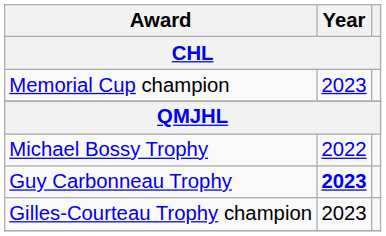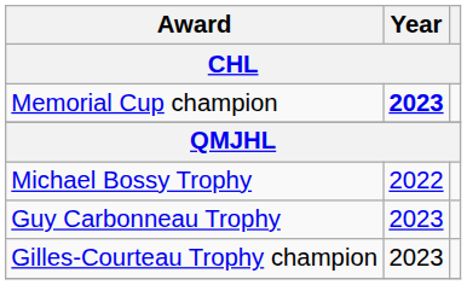 <table class="wikitable">
 <tr>
 <th>Award</th>
 <th>Year</th>
 <th></th>
 </tr>
 <tr ALIGN="center" bgcolor="#e0e0e0">
 <th colspan="4"><a href='#'>CHL</a></th>
 </tr>
 <tr>
 <td><a href='#'>Memorial Cup</a> champion</td>
-<td><a href='#'>2023</a></td>
+<td><strong><a href='#'>2023</a></strong></td>
 <td></td>
 </tr>
 <tr>
 </tr>
 <tr ALIGN="center" bgcolor="#e0e0e0">
 <th colspan="3"><a href='#'>QMJHL</a></th>
 </tr>
 <tr>
 <td><a href='#'>Michael Bossy Trophy</a></td>
 <td><a href='#'>2022</a></td>
 <td></td>
 </tr>
 <tr>
 <td><a href='#'>Guy Carbonneau Trophy</a></td>
-<td><strong><a href='#'>2023</a></strong></td>
+<td><a href='#'>2023</a></td>
 <td></td>
 </tr>
 <tr>
 <td><a href='#'>Gilles-Courteau Trophy</a> champion</td>
 <td>2023</td>
 <td></td>
 </tr>
 <tr>
 </tr>
 </table>
